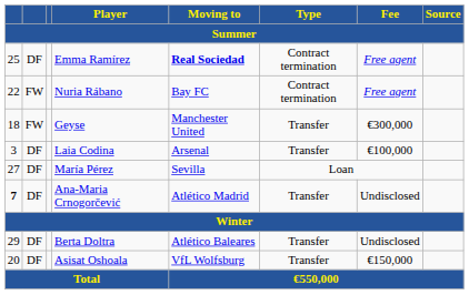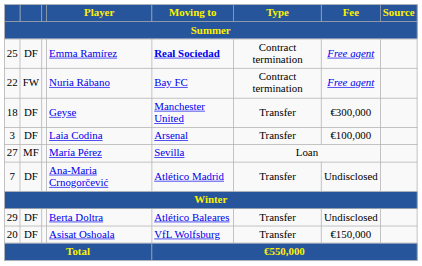 <table class="wikitable plainrowheaders sortable" style="text-align:center">
 <tr>
 <th style="background:#26559B; color:#FFF000; "></th>
 <th style="background:#26559B; color:#FFF000; "></th>
 <th style="background:#26559B; color:#FFF000; "></th>
 <th style="background:#26559B; color:#FFF000; ">Player</th>
 <th style="background:#26559B; color:#FFF000; ">Moving to</th>
 <th style="background:#26559B; color:#FFF000; ">Type</th>
 <th style="background:#26559B; color:#FFF000; ">Fee</th>
 <th style="background:#26559B; color:#FFF000; ">Source</th>
 </tr>
 <tr>
 <th colspan=8 style="background:#26559B; color:#FFF000; ">Summer</th>
 </tr>
 <tr>
 <td>25</td>
 <td>DF</td>
 <td></td>
 <td align=left><a href='#'>Emma Ramírez</a></td>
 <td align=left><strong><a href='#'>Real Sociedad</a></strong></td>
 <td>Contract termination</td>
 <td><em><a href='#'>Free agent</a></em></td>
 <td></td>
 </tr>
 <tr>
 <td>22</td>
 <td>FW</td>
 <td></td>
 <td align=left><a href='#'>Nuria Rábano</a></td>
 <td align=left> <a href='#'>Bay FC</a></td>
 <td>Contract termination</td>
 <td><em><a href='#'>Free agent</a></em></td>
 <td></td>
 </tr>
 <tr>
 <td>18</td>
-<td>FW</td>
+<td>DF</td>
 <td></td>
 <td align="left"><a href='#'>Geyse</a></td>
 <td align="left"> <a href='#'>Manchester United</a></td>
 <td>Transfer</td>
 <td>€300,000</td>
 <td></td>
 </tr>
 <tr>
 <td>3</td>
 <td>DF</td>
 <td></td>
 <td align=left><a href='#'>Laia Codina</a></td>
 <td align=left> <a href='#'>Arsenal</a></td>
 <td>Transfer</td>
 <td>€100,000</td>
 <td></td>
 </tr>
 <tr>
 <td>27</td>
-<td>DF</td>
+<td>MF</td>
 <td></td>
 <td align=left><a href='#'>María Pérez</a></td>
 <td align=left><a href='#'>Sevilla</a></td>
 <td colspan=2>Loan</td>
 <td></td>
 </tr>
 <tr>
-<td><strong>7</strong></td>
+<td>7</td>
 <td>DF</td>
 <td></td>
 <td align=left><a href='#'>Ana-Maria Crnogorčević</a></td>
 <td align=left><a href='#'>Atlético Madrid</a></td>
 <td>Transfer</td>
 <td>Undisclosed</td>
 <td></td>
 </tr>
 <tr>
 <th colspan=8 style="background:#26559B; color:#FFF000; ">Winter</th>
 </tr>
 <tr>
 <td>29</td>
 <td>DF</td>
 <td></td>
 <td align=left><a href='#'>Berta Doltra</a></td>
 <td align=left><a href='#'>Atlético Baleares</a></td>
 <td>Transfer</td>
 <td>Undisclosed</td>
 <td></td>
 </tr>
 <tr>
 <td>20</td>
 <td>DF</td>
 <td></td>
 <td align=left><a href='#'>Asisat Oshoala</a></td>
 <td align=left> <a href='#'>VfL Wolfsburg</a></td>
 <td>Transfer</td>
 <td>€150,000</td>
 <td></td>
 </tr>
 <tr>
 <th colspan="4" style="background:#26559B; color:#FFF000; ">Total</th>
 <th colspan="4" style="background:#26559B; color:#FFF000; ">€550,000</th>
 </tr>
 </table>
